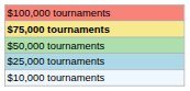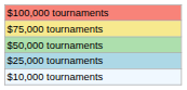 <table class="wikitable" style="font-size:85%;" width=15%>
 <tr bgcolor="#f88379">
 <td>$100,000 tournaments</td>
 </tr>
 <tr bgcolor="#f7e98e">
-<td><strong>$75,000 tournaments</strong></td>
+<td>$75,000 tournaments</td>
 </tr>
 <tr bgcolor="#addfad">
 <td>$50,000 tournaments</td>
 </tr>
 <tr bgcolor="lightblue">
 <td>$25,000 tournaments</td>
 </tr>
 <tr bgcolor="#f0f8ff">
 <td>$10,000 tournaments</td>
 </tr>
 </table>
